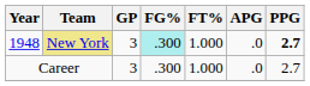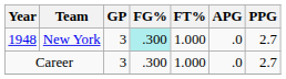 <table class="wikitable sortable" style="font-size:95%; text-align:right;">
 <tr>
 <th>Year</th>
 <th>Team</th>
 <th>GP</th>
 <th>FG%</th>
 <th>FT%</th>
 <th>APG</th>
 <th>PPG</th>
 </tr>
 <tr>
 <td style="text-align:left;"><a href='#'>1948</a></td>
-<td style="background: khaki; text-align:left;"><a href='#'>New York</a></td>
+<td style="text-align:left;"><a href='#'>New York</a></td>
 <td>3</td>
 <td style="background: paleturquoise;">.300</td>
 <td>1.000</td>
 <td>.0</td>
-<td><strong>2.7</strong></td>
+<td>2.7</td>
 </tr>
 <tr>
 <td style="text-align:center;" colspan="2">Career</td>
 <td>3</td>
 <td>.300</td>
 <td>1.000</td>
 <td>.0</td>
 <td>2.7</td>
 </tr>
 <tr>
 </tr>
 </table>
